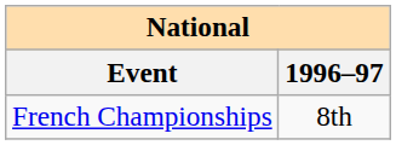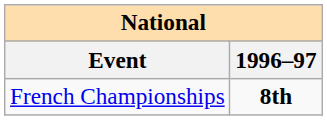 <table class="wikitable" style="text-align:center">
 <tr>
 <th style="background-color: #ffdead; " colspan=2 align=center>National</th>
 </tr>
 <tr>
 <th>Event</th>
 <th>1996–97</th>
 </tr>
 <tr>
 <td align=left><a href='#'>French Championships</a></td>
-<td>8th</td>
+<td><strong>8th</strong></td>
 </tr>
 </table>
